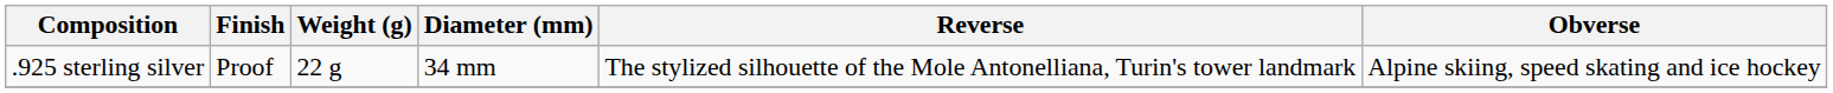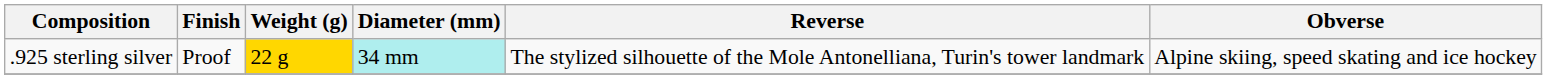 <table class="wikitable">
 <tr>
 <th>Composition</th>
 <th>Finish</th>
 <th>Weight (g)</th>
 <th>Diameter (mm)</th>
 <th>Reverse</th>
 <th>Obverse</th>
 </tr>
 <tr>
 <td>.925 sterling silver</td>
 <td>Proof</td>
-<td>22 g</td>
-<td>34 mm</td>
+<td style="background: gold;">22 g</td>
+<td style="background: paleturquoise;">34 mm</td>
 <td>The stylized silhouette of the Mole Antonelliana, Turin's tower landmark</td>
 <td>Alpine skiing, speed skating and ice hockey</td>
 </tr>
 <tr>
 </tr>
 </table>
